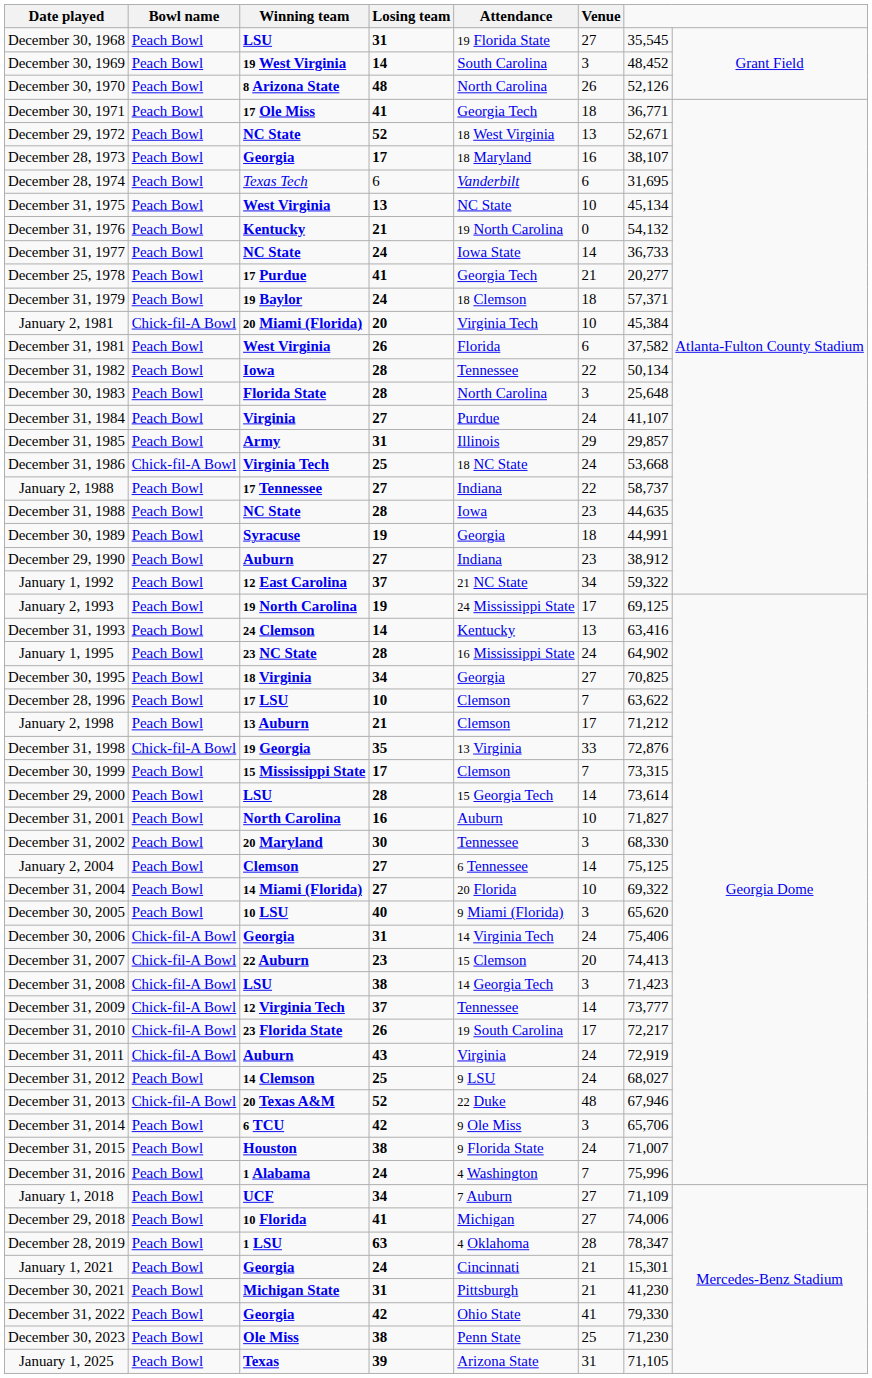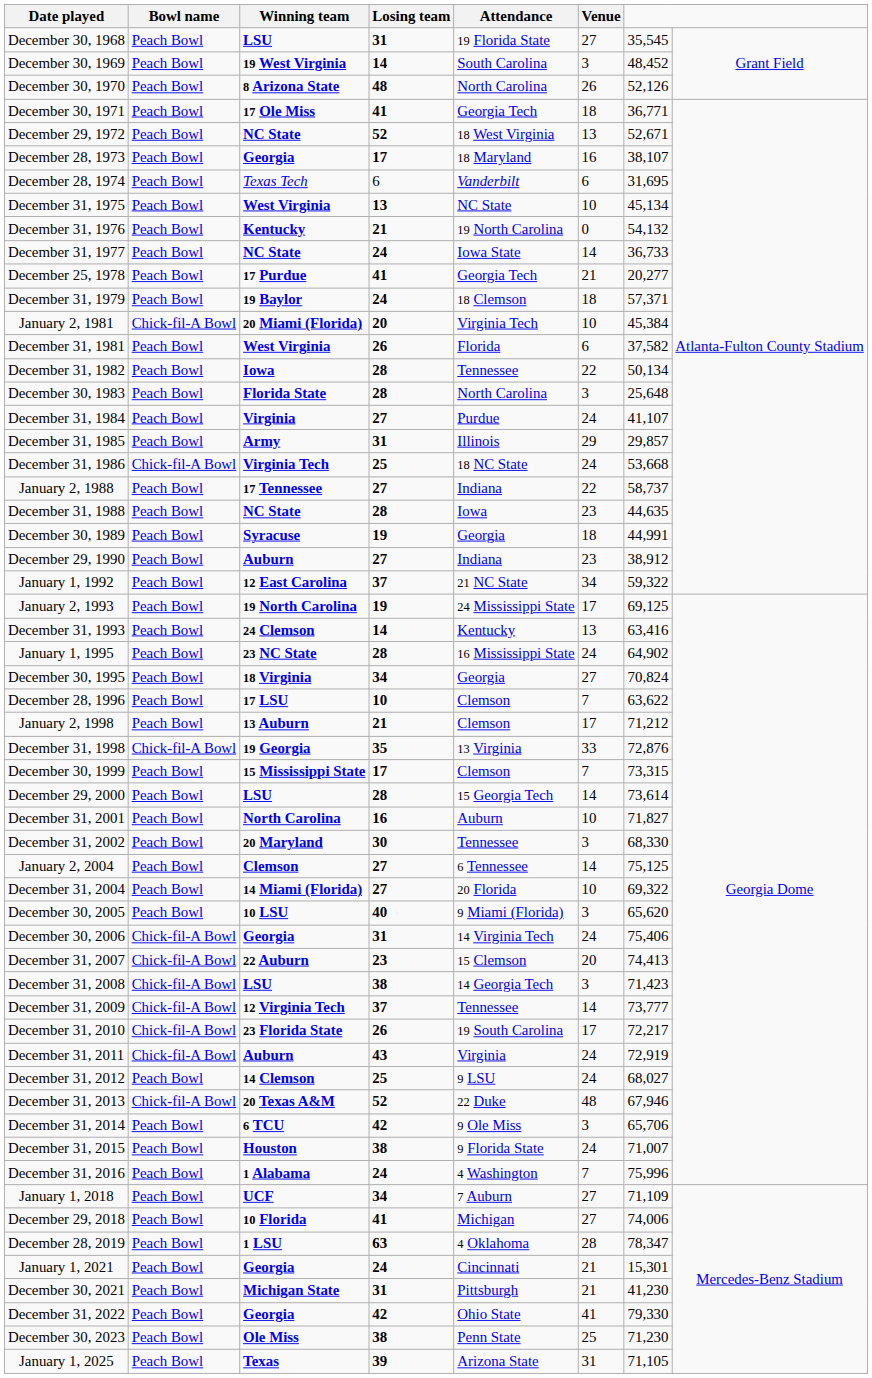 <table class="wikitable">
 <tr>
 <th>Date played</th>
 <th>Bowl name</th>
 <th>Winning team</th>
 <th>Losing team</th>
 <th>Attendance</th>
 <th>Venue</th>
 </tr>
 <tr>
 <td>December 30, 1968</td>
 <td><a href='#'>Peach Bowl</a></td>
 <td><strong><a href='#'>LSU</a></strong></td>
 <td><strong>31</strong></td>
 <td><small>19</small> <a href='#'>Florida State</a></td>
 <td>27</td>
 <td>35,545</td>
 <td align=center rowspan="3"><a href='#'>Grant Field</a></td>
 </tr>
 <tr>
 <td>December 30, 1969</td>
 <td><a href='#'>Peach Bowl</a></td>
 <td><strong><small>19</small> <a href='#'>West Virginia</a></strong></td>
 <td><strong>14</strong></td>
 <td><a href='#'>South Carolina</a></td>
 <td>3</td>
 <td>48,452</td>
 </tr>
 <tr>
 <td>December 30, 1970</td>
 <td><a href='#'>Peach Bowl</a></td>
 <td><strong><small>8</small> <a href='#'>Arizona State</a></strong></td>
 <td><strong>48</strong></td>
 <td><a href='#'>North Carolina</a></td>
 <td>26</td>
 <td>52,126</td>
 </tr>
 <tr>
 <td>December 30, 1971</td>
 <td><a href='#'>Peach Bowl</a></td>
 <td><strong><small>17</small> <a href='#'>Ole Miss</a></strong></td>
 <td><strong>41</strong></td>
 <td><a href='#'>Georgia Tech</a></td>
 <td>18</td>
 <td>36,771</td>
 <td align=center rowspan="21"><a href='#'>Atlanta-Fulton County Stadium</a></td>
 </tr>
 <tr>
 <td>December 29, 1972</td>
 <td><a href='#'>Peach Bowl</a></td>
 <td><strong><a href='#'>NC State</a></strong></td>
 <td><strong>52</strong></td>
 <td><small>18</small> <a href='#'>West Virginia</a></td>
 <td>13</td>
 <td>52,671</td>
 </tr>
 <tr>
 <td>December 28, 1973</td>
 <td><a href='#'>Peach Bowl</a></td>
 <td><strong><a href='#'>Georgia</a></strong></td>
 <td><strong>17</strong></td>
 <td><small>18</small> <a href='#'>Maryland</a></td>
 <td>16</td>
 <td>38,107</td>
 </tr>
 <tr>
 <td>December 28, 1974</td>
 <td><a href='#'>Peach Bowl</a></td>
 <td><em><a href='#'>Texas Tech</a></em></td>
 <td>6</td>
 <td><em><a href='#'>Vanderbilt</a></em></td>
 <td>6</td>
 <td>31,695</td>
 </tr>
 <tr>
 <td>December 31, 1975</td>
 <td><a href='#'>Peach Bowl</a></td>
 <td><strong><a href='#'>West Virginia</a></strong></td>
 <td><strong>13</strong></td>
 <td><a href='#'>NC State</a></td>
 <td>10</td>
 <td>45,134</td>
 </tr>
 <tr>
 <td>December 31, 1976</td>
 <td><a href='#'>Peach Bowl</a></td>
 <td><strong><a href='#'>Kentucky</a></strong></td>
 <td><strong>21</strong></td>
 <td><small>19</small> <a href='#'>North Carolina</a></td>
 <td>0</td>
 <td>54,132</td>
 </tr>
 <tr>
 <td>December 31, 1977</td>
 <td><a href='#'>Peach Bowl</a></td>
 <td><strong><a href='#'>NC State</a></strong></td>
 <td><strong>24</strong></td>
 <td><a href='#'>Iowa State</a></td>
 <td>14</td>
 <td>36,733</td>
 </tr>
 <tr>
 <td>December 25, 1978</td>
 <td><a href='#'>Peach Bowl</a></td>
 <td><strong><small>17</small> <a href='#'>Purdue</a></strong></td>
 <td><strong>41</strong></td>
 <td><a href='#'>Georgia Tech</a></td>
 <td>21</td>
 <td>20,277</td>
 </tr>
 <tr>
 <td>December 31, 1979</td>
 <td><a href='#'>Peach Bowl</a></td>
 <td><strong><small>19</small> <a href='#'>Baylor</a></strong></td>
 <td><strong>24</strong></td>
 <td><small>18</small> <a href='#'>Clemson</a></td>
 <td>18</td>
 <td>57,371</td>
 </tr>
 <tr>
 <td align=center>January 2, 1981</td>
 <td><a href='#'>Chick-fil-A Bowl</a></td>
 <td><strong><small>20</small> <a href='#'>Miami (Florida)</a></strong></td>
 <td><strong>20</strong></td>
 <td><a href='#'>Virginia Tech</a></td>
 <td>10</td>
 <td>45,384</td>
 </tr>
 <tr>
 <td>December 31, 1981</td>
 <td><a href='#'>Peach Bowl</a></td>
 <td><strong><a href='#'>West Virginia</a></strong></td>
 <td><strong>26</strong></td>
 <td><a href='#'>Florida</a></td>
 <td>6</td>
 <td>37,582</td>
 </tr>
 <tr>
 <td>December 31, 1982</td>
 <td><a href='#'>Peach Bowl</a></td>
 <td><strong><a href='#'>Iowa</a></strong></td>
 <td><strong>28</strong></td>
 <td><a href='#'>Tennessee</a></td>
 <td>22</td>
 <td>50,134</td>
 </tr>
 <tr>
 <td>December 30, 1983</td>
 <td><a href='#'>Peach Bowl</a></td>
 <td><strong><a href='#'>Florida State</a></strong></td>
 <td><strong>28</strong></td>
 <td><a href='#'>North Carolina</a></td>
 <td>3</td>
 <td>25,648</td>
 </tr>
 <tr>
 <td>December 31, 1984</td>
 <td><a href='#'>Peach Bowl</a></td>
 <td><strong><a href='#'>Virginia</a></strong></td>
 <td><strong>27</strong></td>
 <td><a href='#'>Purdue</a></td>
 <td>24</td>
 <td>41,107</td>
 </tr>
 <tr>
 <td>December 31, 1985</td>
 <td><a href='#'>Peach Bowl</a></td>
 <td><strong><a href='#'>Army</a></strong></td>
 <td><strong>31</strong></td>
 <td><a href='#'>Illinois</a></td>
 <td>29</td>
 <td>29,857</td>
 </tr>
 <tr>
 <td>December 31, 1986</td>
 <td><a href='#'>Chick-fil-A Bowl</a></td>
 <td><strong><a href='#'>Virginia Tech</a></strong></td>
 <td><strong>25</strong></td>
 <td><small>18</small> <a href='#'>NC State</a></td>
 <td>24</td>
 <td>53,668</td>
 </tr>
 <tr>
 <td align=center>January 2, 1988</td>
 <td><a href='#'>Peach Bowl</a></td>
 <td><strong><small>17</small> <a href='#'>Tennessee</a></strong></td>
 <td><strong>27</strong></td>
 <td><a href='#'>Indiana</a></td>
 <td>22</td>
 <td>58,737</td>
 </tr>
 <tr>
 <td>December 31, 1988</td>
 <td><a href='#'>Peach Bowl</a></td>
 <td><strong><a href='#'>NC State</a></strong></td>
 <td><strong>28</strong></td>
 <td><a href='#'>Iowa</a></td>
 <td>23</td>
 <td>44,635</td>
 </tr>
 <tr>
 <td>December 30, 1989</td>
 <td><a href='#'>Peach Bowl</a></td>
 <td><strong><a href='#'>Syracuse</a></strong></td>
 <td><strong>19</strong></td>
 <td><a href='#'>Georgia</a></td>
 <td>18</td>
 <td>44,991</td>
 </tr>
 <tr>
 <td>December 29, 1990</td>
 <td><a href='#'>Peach Bowl</a></td>
 <td><strong><a href='#'>Auburn</a></strong></td>
 <td><strong>27</strong></td>
 <td><a href='#'>Indiana</a></td>
 <td>23</td>
 <td>38,912</td>
 </tr>
 <tr>
 <td align=center>January 1, 1992</td>
 <td><a href='#'>Peach Bowl</a></td>
 <td><strong><small>12</small> <a href='#'>East Carolina</a></strong></td>
 <td><strong>37</strong></td>
 <td><small>21</small> <a href='#'>NC State</a></td>
 <td>34</td>
 <td>59,322</td>
 </tr>
 <tr>
 <td align=center>January 2, 1993</td>
 <td><a href='#'>Peach Bowl</a></td>
 <td><strong><small>19</small> <a href='#'>North Carolina</a></strong></td>
 <td><strong>19</strong></td>
 <td><small>24</small> <a href='#'>Mississippi State</a></td>
 <td>17</td>
 <td>69,125</td>
 <td align=center rowspan="25"><a href='#'>Georgia Dome</a></td>
 </tr>
 <tr>
 <td>December 31, 1993</td>
 <td><a href='#'>Peach Bowl</a></td>
 <td><strong><small>24</small> <a href='#'>Clemson</a></strong></td>
 <td><strong>14</strong></td>
 <td><a href='#'>Kentucky</a></td>
 <td>13</td>
 <td>63,416</td>
 </tr>
 <tr>
 <td align=center>January 1, 1995</td>
 <td><a href='#'>Peach Bowl</a></td>
 <td><strong><small>23</small> <a href='#'>NC State</a></strong></td>
 <td><strong>28</strong></td>
 <td><small>16</small> <a href='#'>Mississippi State</a></td>
 <td>24</td>
 <td>64,902</td>
 </tr>
 <tr>
 <td>December 30, 1995</td>
 <td><a href='#'>Peach Bowl</a></td>
 <td><strong><small>18</small> <a href='#'>Virginia</a></strong></td>
 <td><strong>34</strong></td>
 <td><a href='#'>Georgia</a></td>
 <td>27</td>
-<td>70,825</td>
+<td>70,824</td>
 </tr>
 <tr>
 <td>December 28, 1996</td>
 <td><a href='#'>Peach Bowl</a></td>
 <td><strong><small>17</small> <a href='#'>LSU</a></strong></td>
 <td><strong>10</strong></td>
 <td><a href='#'>Clemson</a></td>
 <td>7</td>
 <td>63,622</td>
 </tr>
 <tr>
 <td align=center>January 2, 1998</td>
 <td><a href='#'>Peach Bowl</a></td>
 <td><strong><small>13</small> <a href='#'>Auburn</a></strong></td>
 <td><strong>21</strong></td>
 <td><a href='#'>Clemson</a></td>
 <td>17</td>
 <td>71,212</td>
 </tr>
 <tr>
 <td>December 31, 1998</td>
 <td><a href='#'>Chick-fil-A Bowl</a></td>
 <td><strong><small>19</small> <a href='#'>Georgia</a></strong></td>
 <td><strong>35</strong></td>
 <td><small>13</small> <a href='#'>Virginia</a></td>
 <td>33</td>
 <td>72,876</td>
 </tr>
 <tr>
 <td>December 30, 1999</td>
 <td><a href='#'>Peach Bowl</a></td>
 <td><strong><small>15</small> <a href='#'>Mississippi State</a></strong></td>
 <td><strong>17</strong></td>
 <td><a href='#'>Clemson</a></td>
 <td>7</td>
 <td>73,315</td>
 </tr>
 <tr>
 <td>December 29, 2000</td>
 <td><a href='#'>Peach Bowl</a></td>
 <td><strong><a href='#'>LSU</a></strong></td>
 <td><strong>28</strong></td>
 <td><small>15</small> <a href='#'>Georgia Tech</a></td>
 <td>14</td>
 <td>73,614</td>
 </tr>
 <tr>
 <td>December 31, 2001</td>
 <td><a href='#'>Peach Bowl</a></td>
 <td><strong><a href='#'>North Carolina</a></strong></td>
 <td><strong>16</strong></td>
 <td><a href='#'>Auburn</a></td>
 <td>10</td>
 <td>71,827</td>
 </tr>
 <tr>
 <td>December 31, 2002</td>
 <td><a href='#'>Peach Bowl</a></td>
 <td><strong><small>20</small> <a href='#'>Maryland</a></strong></td>
 <td><strong>30</strong></td>
 <td><a href='#'>Tennessee</a></td>
 <td>3</td>
 <td>68,330</td>
 </tr>
 <tr>
 <td align=center>January 2, 2004</td>
 <td><a href='#'>Peach Bowl</a></td>
 <td><strong><a href='#'>Clemson</a></strong></td>
 <td><strong>27</strong></td>
 <td><small>6</small> <a href='#'>Tennessee</a></td>
 <td>14</td>
 <td>75,125</td>
 </tr>
 <tr>
 <td>December 31, 2004</td>
 <td><a href='#'>Peach Bowl</a></td>
 <td><strong><small>14</small> <a href='#'>Miami (Florida)</a></strong></td>
 <td><strong>27</strong></td>
 <td><small>20</small> <a href='#'>Florida</a></td>
 <td>10</td>
 <td>69,322</td>
 </tr>
 <tr>
 <td>December 30, 2005</td>
 <td><a href='#'>Peach Bowl</a></td>
 <td><strong><small>10</small> <a href='#'>LSU</a></strong></td>
 <td><strong>40</strong></td>
 <td><small>9</small> <a href='#'>Miami (Florida)</a></td>
 <td>3</td>
 <td>65,620</td>
 </tr>
 <tr>
 <td>December 30, 2006</td>
 <td><a href='#'>Chick-fil-A Bowl</a></td>
 <td><strong><a href='#'>Georgia</a></strong></td>
 <td><strong>31</strong></td>
 <td><small>14</small> <a href='#'>Virginia Tech</a></td>
 <td>24</td>
 <td>75,406</td>
 </tr>
 <tr>
 <td>December 31, 2007</td>
 <td><a href='#'>Chick-fil-A Bowl</a></td>
 <td><strong><small>22</small> <a href='#'>Auburn</a></strong></td>
 <td><strong>23</strong></td>
 <td><small>15</small> <a href='#'>Clemson</a></td>
 <td>20 </td>
 <td>74,413</td>
 </tr>
 <tr>
 <td>December 31, 2008</td>
 <td><a href='#'>Chick-fil-A Bowl</a></td>
 <td><strong><a href='#'>LSU</a></strong></td>
 <td><strong>38</strong></td>
 <td><small>14</small> <a href='#'>Georgia Tech</a></td>
 <td>3</td>
 <td>71,423</td>
 </tr>
 <tr>
 <td>December 31, 2009</td>
 <td><a href='#'>Chick-fil-A Bowl</a></td>
 <td><strong><small>12</small> <a href='#'>Virginia Tech</a></strong></td>
 <td><strong>37</strong></td>
 <td><a href='#'>Tennessee</a></td>
 <td>14</td>
 <td>73,777</td>
 </tr>
 <tr>
 <td>December 31, 2010</td>
 <td><a href='#'>Chick-fil-A Bowl</a></td>
 <td><strong><small>23</small> <a href='#'>Florida State</a></strong></td>
 <td><strong>26</strong></td>
 <td><small>19</small> <a href='#'>South Carolina</a></td>
 <td>17</td>
 <td>72,217</td>
 </tr>
 <tr>
 <td>December 31, 2011</td>
 <td><a href='#'>Chick-fil-A Bowl</a></td>
 <td><strong><a href='#'>Auburn</a></strong></td>
 <td><strong>43</strong></td>
 <td><a href='#'>Virginia</a></td>
 <td>24</td>
 <td>72,919</td>
 </tr>
 <tr>
 <td>December 31, 2012</td>
 <td><a href='#'>Peach Bowl</a></td>
 <td><strong><small>14</small> <a href='#'>Clemson</a></strong></td>
 <td><strong>25</strong></td>
 <td><small>9</small> <a href='#'>LSU</a></td>
 <td>24</td>
 <td>68,027</td>
 </tr>
 <tr>
 <td>December 31, 2013</td>
 <td><a href='#'>Chick-fil-A Bowl</a></td>
 <td><strong><small>20</small> <a href='#'>Texas A&M</a></strong></td>
 <td><strong>52</strong></td>
 <td><small>22</small> <a href='#'>Duke</a></td>
 <td>48</td>
 <td>67,946</td>
 </tr>
 <tr>
 <td>December 31, 2014</td>
 <td><a href='#'>Peach Bowl</a></td>
 <td><strong><small>6</small> <a href='#'>TCU</a></strong></td>
 <td><strong>42</strong></td>
 <td><small>9</small> <a href='#'>Ole Miss</a></td>
 <td>3</td>
 <td>65,706</td>
 </tr>
 <tr>
 <td>December 31, 2015</td>
 <td><a href='#'>Peach Bowl</a></td>
 <td><strong><small></small> <a href='#'>Houston</a></strong></td>
 <td><strong>38</strong></td>
 <td><small>9</small> <a href='#'>Florida State</a></td>
 <td>24</td>
 <td>71,007</td>
 </tr>
 <tr>
 <td>December 31, 2016</td>
 <td><a href='#'>Peach Bowl</a></td>
 <td><strong><small>1</small> <a href='#'>Alabama</a></strong></td>
 <td><strong>24</strong></td>
 <td><small>4</small> <a href='#'>Washington</a></td>
 <td>7</td>
 <td>75,996</td>
 </tr>
 <tr>
 <td align=center>January 1, 2018</td>
 <td><a href='#'>Peach Bowl</a></td>
 <td><strong><small></small> <a href='#'>UCF</a></strong></td>
 <td><strong>34</strong></td>
 <td><small>7</small> <a href='#'>Auburn</a></td>
 <td>27</td>
 <td>71,109</td>
 <td align=center rowspan="8"><a href='#'>Mercedes-Benz Stadium</a></td>
 </tr>
 <tr>
 <td>December 29, 2018</td>
 <td><a href='#'>Peach Bowl</a></td>
 <td><strong><small>10</small> <a href='#'>Florida</a></strong></td>
 <td><strong>41</strong></td>
 <td><small></small> <a href='#'>Michigan</a></td>
 <td>27</td>
 <td>74,006</td>
 </tr>
 <tr>
 <td>December 28, 2019</td>
 <td><a href='#'>Peach Bowl</a></td>
 <td><strong><small>1</small> <a href='#'>LSU</a></strong></td>
 <td><strong>63</strong></td>
 <td><small>4</small> <a href='#'>Oklahoma</a></td>
 <td>28</td>
 <td>78,347</td>
 </tr>
 <tr>
 <td align=center>January 1, 2021</td>
 <td><a href='#'>Peach Bowl</a></td>
 <td><strong><small></small> <a href='#'>Georgia</a></strong></td>
 <td><strong>24</strong></td>
 <td><small></small> <a href='#'>Cincinnati</a></td>
 <td>21</td>
 <td>15,301</td>
 </tr>
 <tr>
 <td>December 30, 2021</td>
 <td><a href='#'>Peach Bowl</a></td>
 <td><strong><small></small> <a href='#'>Michigan State</a></strong></td>
 <td><strong>31</strong></td>
 <td><small></small> <a href='#'>Pittsburgh</a></td>
 <td>21</td>
 <td>41,230</td>
 </tr>
 <tr>
 <td>December 31, 2022</td>
 <td><a href='#'>Peach Bowl</a></td>
 <td><strong> <a href='#'>Georgia</a></strong></td>
 <td><strong>42</strong></td>
 <td> <a href='#'>Ohio State</a></td>
 <td>41</td>
 <td>79,330</td>
 </tr>
 <tr>
 <td>December 30, 2023</td>
 <td><a href='#'>Peach Bowl</a></td>
 <td><strong> <a href='#'>Ole Miss</a></strong></td>
 <td><strong>38</strong></td>
 <td> <a href='#'>Penn State</a></td>
 <td>25</td>
 <td>71,230</td>
 </tr>
 <tr>
 <td align=center>January 1, 2025</td>
 <td><a href='#'>Peach Bowl</a></td>
 <td><strong><small></small> <a href='#'>Texas</a></strong></td>
 <td><strong>39</strong></td>
 <td><small></small> <a href='#'>Arizona State</a></td>
 <td>31 </td>
 <td>71,105</td>
 </tr>
 </table>
